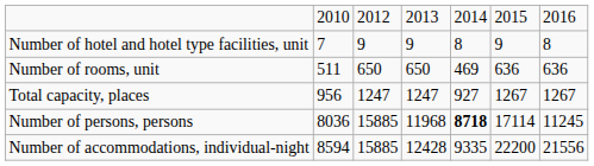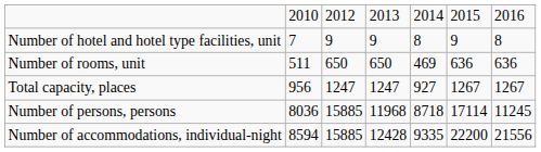 <table class="wikitable">
 <tr>
 <td></td>
 <td>2010</td>
 <td>2012</td>
 <td>2013</td>
 <td>2014</td>
 <td>2015</td>
 <td>2016</td>
 </tr>
 <tr>
 <td>Number of hotel and hotel type facilities, unit</td>
 <td>7</td>
 <td>9</td>
 <td>9</td>
 <td>8</td>
 <td>9</td>
 <td>8</td>
 </tr>
 <tr>
 <td>Number of rooms, unit</td>
 <td>511</td>
 <td>650</td>
 <td>650</td>
 <td>469</td>
 <td>636</td>
 <td>636</td>
 </tr>
 <tr>
 <td>Total capacity,  places</td>
 <td>956</td>
 <td>1247</td>
 <td>1247</td>
 <td>927</td>
 <td>1267</td>
 <td>1267</td>
 </tr>
 <tr>
 <td>Number of persons, persons</td>
 <td>8036</td>
 <td>15885</td>
 <td>11968</td>
-<td><strong>8718</strong></td>
+<td>8718</td>
 <td>17114</td>
 <td>11245</td>
 </tr>
 <tr>
 <td>Number of accommodations, individual-night</td>
 <td>8594</td>
 <td>15885</td>
 <td>12428</td>
 <td>9335</td>
 <td>22200</td>
 <td>21556</td>
 </tr>
 </table>
